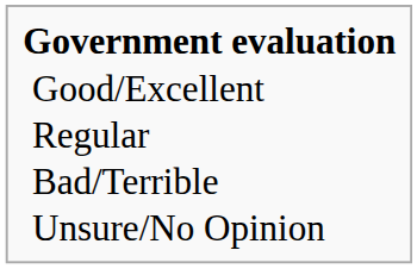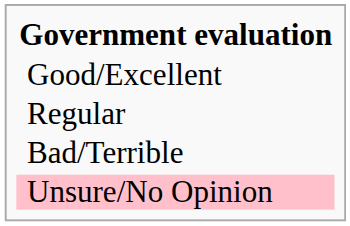 <table style="float; margin-left: 1em; margin-bottom: 0.5em" class="infobox">
 <tr>
 <td style="text-align: center"><span><strong>Government evaluation</strong></span></td>
 </tr>
 <tr>
 <td style="padding: 0 5px;"> Good/Excellent</td>
 </tr>
 <tr>
 <td style="padding: 0 5px;"> Regular</td>
 </tr>
 <tr>
 <td style="padding: 0 5px;"> Bad/Terrible</td>
 </tr>
 <tr>
-<td style="padding: 0 5px;"> Unsure/No Opinion</td>
+<td style="background: pink; padding: 0 5px;"> Unsure/No Opinion</td>
 </tr>
 </table>
